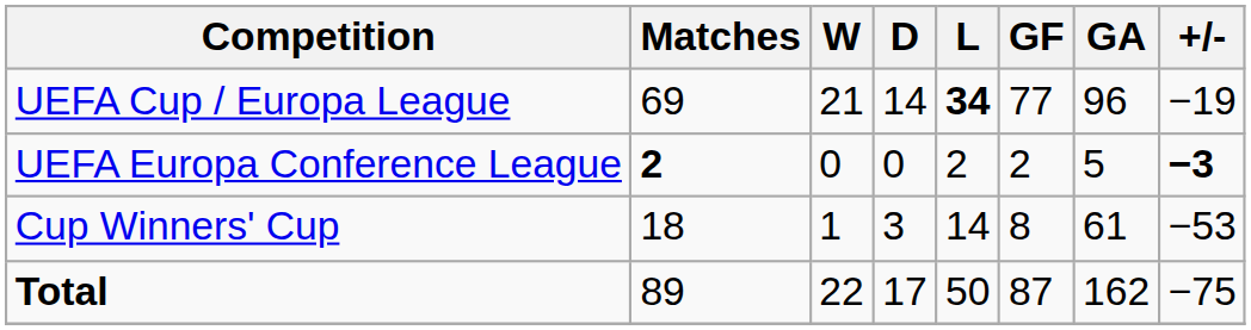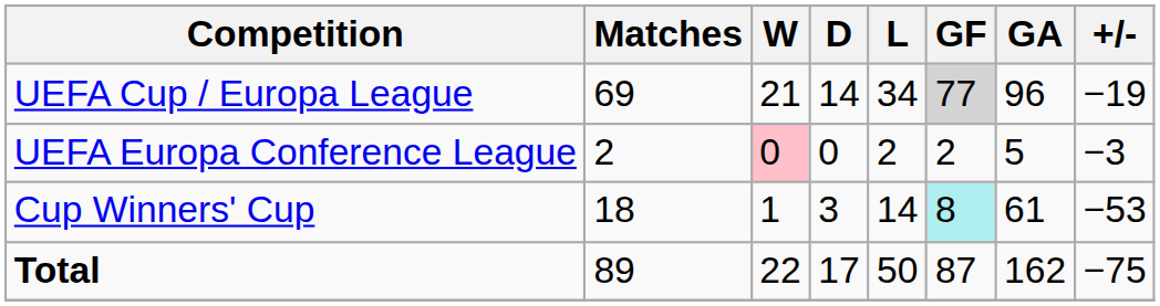 <table class="wikitable">
 <tr>
 <th>Competition</th>
 <th>Matches</th>
 <th>W</th>
 <th>D</th>
 <th>L</th>
 <th>GF</th>
 <th>GA</th>
 <th>+/-</th>
 </tr>
 <tr>
 <td><a href='#'>UEFA Cup / Europa League</a></td>
 <td>69</td>
 <td>21</td>
 <td>14</td>
-<td><strong>34</strong></td>
-<td>77</td>
+<td>34</td>
+<td style="background: lightgrey;">77</td>
 <td>96</td>
 <td>−19</td>
 </tr>
 <tr>
 <td><a href='#'>UEFA Europa Conference League</a></td>
-<td><strong>2</strong></td>
-<td>0</td>
+<td>2</td>
+<td style="background: pink;">0</td>
 <td>0</td>
 <td>2</td>
 <td>2</td>
 <td>5</td>
-<td><strong>−3</strong></td>
+<td>−3</td>
 </tr>
 <tr>
 <td><a href='#'>Cup Winners' Cup</a></td>
 <td>18</td>
 <td>1</td>
 <td>3</td>
 <td>14</td>
-<td>8</td>
+<td style="background: paleturquoise;">8</td>
 <td>61</td>
 <td>−53</td>
 </tr>
 <tr>
 <td><strong>Total</strong></td>
 <td>89</td>
 <td>22</td>
 <td>17</td>
 <td>50</td>
 <td>87</td>
 <td>162</td>
 <td>−75</td>
 </tr>
 <tr>
 </tr>
 </table>
